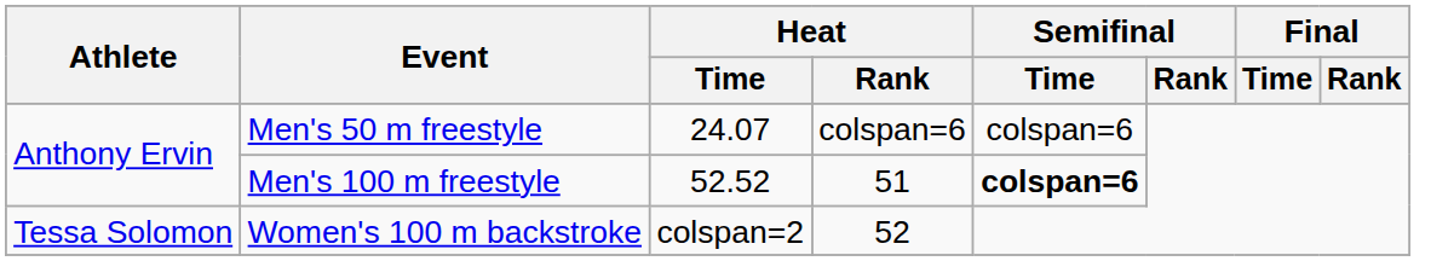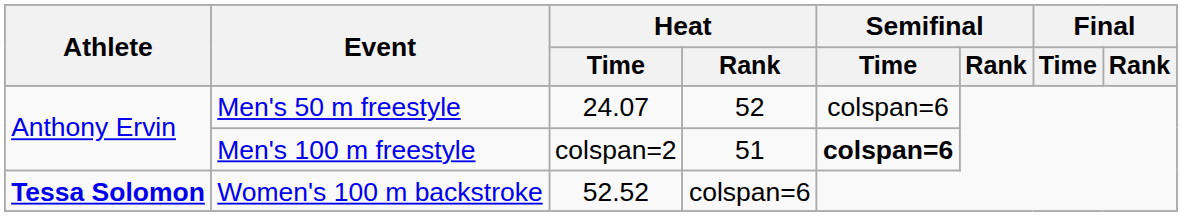 <table class=wikitable style=font-size:90%;text-align:center>
 <tr>
 <th rowspan=2>Athlete</th>
 <th rowspan=2>Event</th>
 <th colspan=2>Heat</th>
 <th colspan=2>Semifinal</th>
 <th colspan=2>Final</th>
 </tr>
 <tr style=font-size:95%>
 <th>Time</th>
 <th>Rank</th>
 <th>Time</th>
 <th>Rank</th>
 <th>Time</th>
 <th>Rank</th>
 </tr>
 <tr>
 <td align=left rowspan=2><a href='#'>Anthony Ervin</a></td>
 <td align=left><a href='#'>Men's 50 m freestyle</a></td>
 <td>24.07</td>
-<td>colspan=6 </td>
+<td>52</td>
 <td>colspan=6 </td>
 </tr>
 <tr>
 <td align=left><a href='#'>Men's 100 m freestyle</a></td>
-<td>52.52</td>
+<td>colspan=2 </td>
 <td>51</td>
 <td><strong>colspan=6 </strong></td>
 </tr>
 <tr>
-<td align=left><a href='#'>Tessa Solomon</a></td>
+<td align=left><strong><a href='#'>Tessa Solomon</a></strong></td>
 <td align=left><a href='#'>Women's 100 m backstroke</a></td>
-<td>colspan=2 </td>
-<td>52</td>
+<td>52.52</td>
+<td>colspan=6 </td>
 </tr>
 </table>
